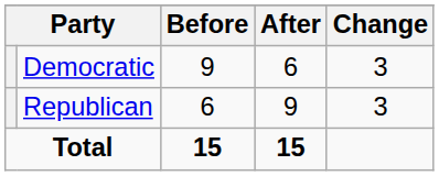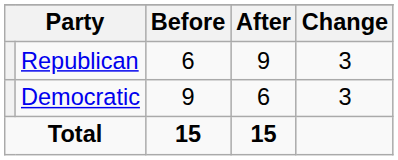 <table class="wikitable" style="text-align:center;">
 <tr>
 </tr>
 <tr>
 <th colspan=2>Party</th>
 <th>Before</th>
 <th>After</th>
 <th>Change</th>
 </tr>
 <tr>
 <th style="background-color:"></th>
-<td style="text-align:left;"><a href='#'>Democratic</a></td>
+<td style="text-align:left;"><a href='#'>Republican</a></td>
+<td>6</td>
 <td>9</td>
-<td>6</td>
 <td> 3</td>
 </tr>
 <tr>
 <th style="background-color:"></th>
-<td style="text-align:left;"><a href='#'>Republican</a></td>
+<td style="text-align:left;"><a href='#'>Democratic</a></td>
+<td>9</td>
 <td>6</td>
-<td>9</td>
 <td> 3</td>
 </tr>
 <tr>
 <td colspan=2><strong>Total</strong></td>
 <td><strong>15</strong></td>
 <td><strong>15</strong></td>
 <td></td>
 </tr>
 </table>
